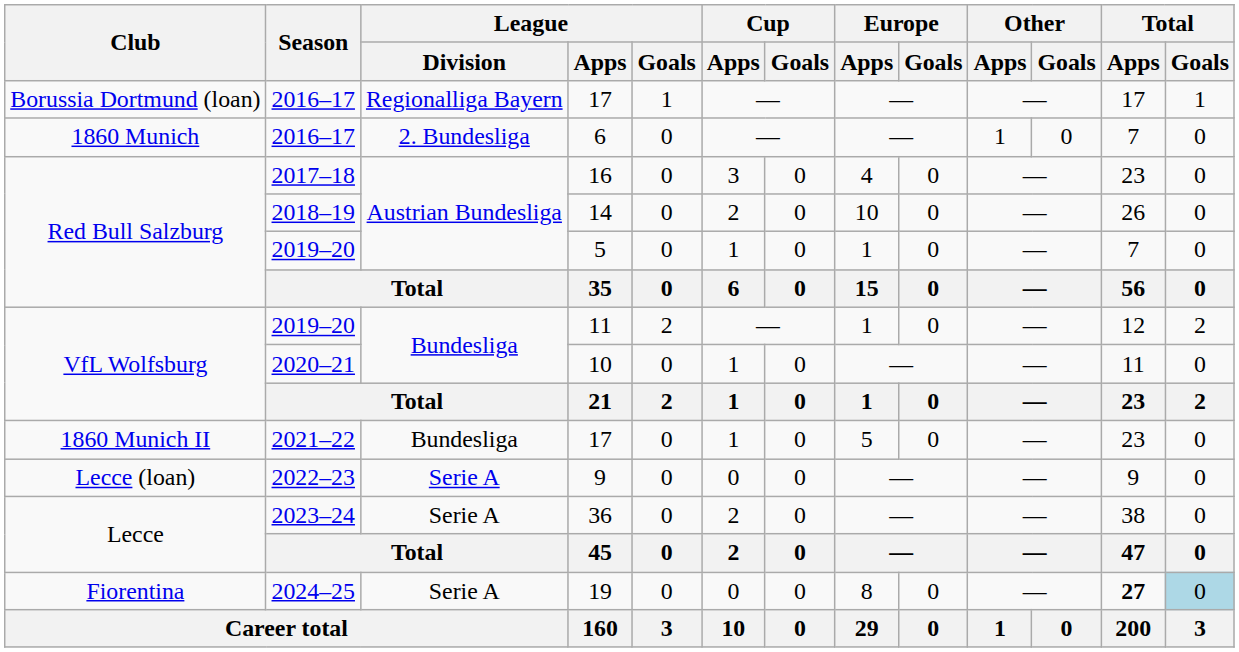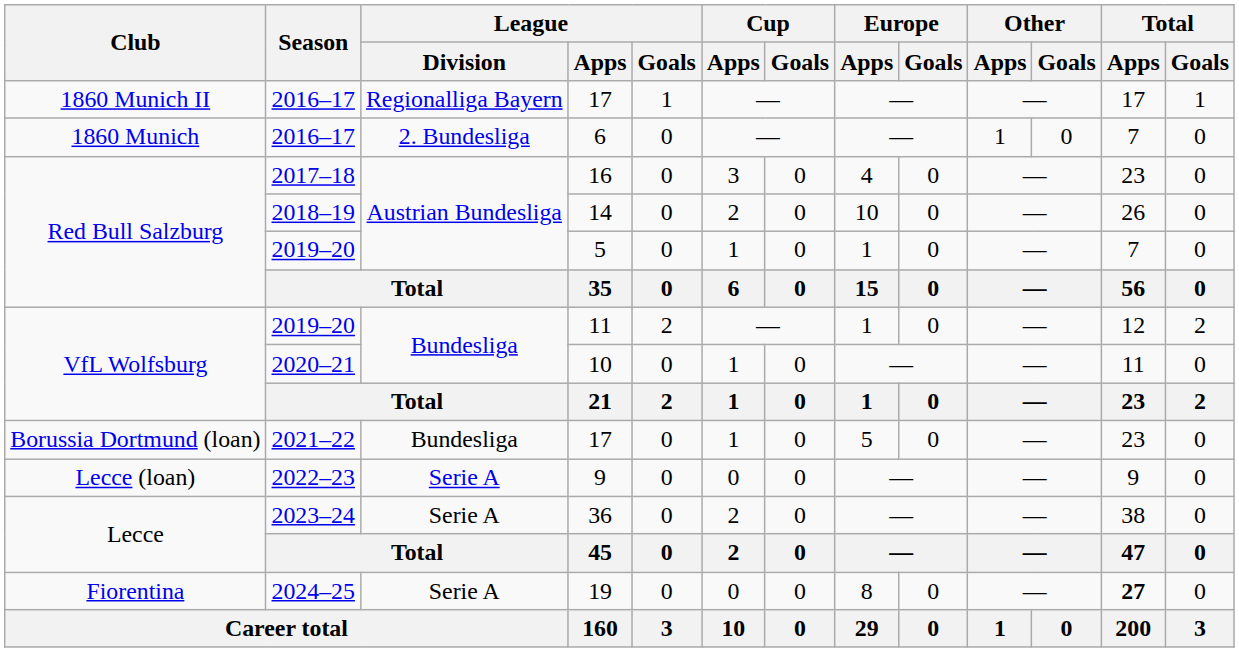 <table class="wikitable" style="text-align:center">
 <tr>
 <th rowspan="2">Club</th>
 <th rowspan="2">Season</th>
 <th colspan="3">League</th>
 <th colspan="2">Cup</th>
 <th colspan="2">Europe</th>
 <th colspan="2">Other</th>
 <th colspan="2">Total</th>
 </tr>
 <tr>
 <th>Division</th>
 <th>Apps</th>
 <th>Goals</th>
 <th>Apps</th>
 <th>Goals</th>
 <th>Apps</th>
 <th>Goals</th>
 <th>Apps</th>
 <th>Goals</th>
 <th>Apps</th>
 <th>Goals</th>
 </tr>
 <tr>
-<td><a href='#'>Borussia Dortmund</a> (loan)</td>
+<td><a href='#'>1860 Munich II</a></td>
 <td><a href='#'>2016–17</a></td>
 <td><a href='#'>Regionalliga Bayern</a></td>
 <td>17</td>
 <td>1</td>
 <td colspan="2">—</td>
 <td colspan="2">—</td>
 <td colspan="2">—</td>
 <td>17</td>
 <td>1</td>
 </tr>
 <tr>
 <td><a href='#'>1860 Munich</a></td>
 <td><a href='#'>2016–17</a></td>
 <td><a href='#'>2. Bundesliga</a></td>
 <td>6</td>
 <td>0</td>
 <td colspan="2">—</td>
 <td colspan="2">—</td>
 <td>1</td>
 <td>0</td>
 <td>7</td>
 <td>0</td>
 </tr>
 <tr>
 <td rowspan="4"><a href='#'>Red Bull Salzburg</a></td>
 <td><a href='#'>2017–18</a></td>
 <td rowspan="3"><a href='#'>Austrian Bundesliga</a></td>
 <td>16</td>
 <td>0</td>
 <td>3</td>
 <td>0</td>
 <td>4</td>
 <td>0</td>
 <td colspan="2">—</td>
 <td>23</td>
 <td>0</td>
 </tr>
 <tr>
 <td><a href='#'>2018–19</a></td>
 <td>14</td>
 <td>0</td>
 <td>2</td>
 <td>0</td>
 <td>10</td>
 <td>0</td>
 <td colspan="2">—</td>
 <td>26</td>
 <td>0</td>
 </tr>
 <tr>
 <td><a href='#'>2019–20</a></td>
 <td>5</td>
 <td>0</td>
 <td>1</td>
 <td>0</td>
 <td>1</td>
 <td>0</td>
 <td colspan="2">—</td>
 <td>7</td>
 <td>0</td>
 </tr>
 <tr>
 <th colspan="2">Total</th>
 <th>35</th>
 <th>0</th>
 <th>6</th>
 <th>0</th>
 <th>15</th>
 <th>0</th>
 <th colspan="2">—</th>
 <th>56</th>
 <th>0</th>
 </tr>
 <tr>
 <td rowspan="3"><a href='#'>VfL Wolfsburg</a></td>
 <td><a href='#'>2019–20</a></td>
 <td rowspan="2"><a href='#'>Bundesliga</a></td>
 <td>11</td>
 <td>2</td>
 <td colspan="2">—</td>
 <td>1</td>
 <td>0</td>
 <td colspan="2">—</td>
 <td>12</td>
 <td>2</td>
 </tr>
 <tr>
 <td><a href='#'>2020–21</a></td>
 <td>10</td>
 <td>0</td>
 <td>1</td>
 <td>0</td>
 <td colspan="2">—</td>
 <td colspan="2">—</td>
 <td>11</td>
 <td>0</td>
 </tr>
 <tr>
 <th colspan="2">Total</th>
 <th>21</th>
 <th>2</th>
 <th>1</th>
 <th>0</th>
 <th>1</th>
 <th>0</th>
 <th colspan="2">—</th>
 <th>23</th>
 <th>2</th>
 </tr>
 <tr>
-<td><a href='#'>1860 Munich II</a></td>
+<td><a href='#'>Borussia Dortmund</a> (loan)</td>
 <td><a href='#'>2021–22</a></td>
 <td>Bundesliga</td>
 <td>17</td>
 <td>0</td>
 <td>1</td>
 <td>0</td>
 <td>5</td>
 <td>0</td>
 <td colspan="2">—</td>
 <td>23</td>
 <td>0</td>
 </tr>
 <tr>
 <td><a href='#'>Lecce</a> (loan)</td>
 <td><a href='#'>2022–23</a></td>
 <td><a href='#'>Serie A</a></td>
 <td>9</td>
 <td>0</td>
 <td>0</td>
 <td>0</td>
 <td colspan="2">—</td>
 <td colspan="2">—</td>
 <td>9</td>
 <td>0</td>
 </tr>
 <tr>
 <td rowspan="2">Lecce</td>
 <td><a href='#'>2023–24</a></td>
 <td>Serie A</td>
 <td>36</td>
 <td>0</td>
 <td>2</td>
 <td>0</td>
 <td colspan="2">—</td>
 <td colspan="2">—</td>
 <td>38</td>
 <td>0</td>
 </tr>
 <tr>
 <th colspan="2">Total</th>
 <th>45</th>
 <th>0</th>
 <th>2</th>
 <th>0</th>
 <th colspan="2">—</th>
 <th colspan="2">—</th>
 <th>47</th>
 <th>0</th>
 </tr>
 <tr>
 <td><a href='#'>Fiorentina</a></td>
 <td><a href='#'>2024–25</a></td>
 <td>Serie A</td>
 <td>19</td>
 <td>0</td>
 <td>0</td>
 <td>0</td>
 <td>8</td>
 <td>0</td>
 <td colspan="2">—</td>
 <td><strong>27</strong></td>
-<td style="background: lightblue;">0</td>
+<td>0</td>
 </tr>
 <tr>
 <th colspan="3">Career total</th>
 <th>160</th>
 <th>3</th>
 <th>10</th>
 <th>0</th>
 <th>29</th>
 <th>0</th>
 <th>1</th>
 <th>0</th>
 <th>200</th>
 <th>3</th>
 </tr>
 </table>
